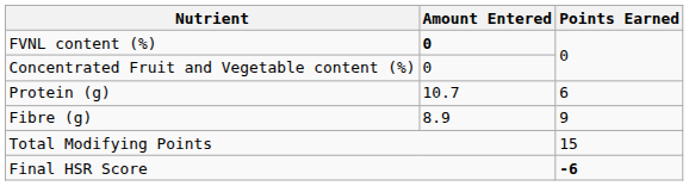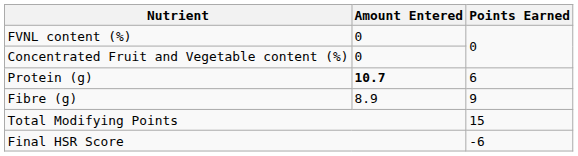 <table class="wikitable">
 <tr>
 <th>Nutrient</th>
 <th>Amount Entered</th>
 <th>Points Earned</th>
 </tr>
 <tr>
 <td>FVNL content (%)</td>
-<td><strong>0</strong></td>
+<td>0</td>
 <td rowspan="2">0</td>
 </tr>
 <tr>
 <td>Concentrated Fruit and Vegetable content (%)</td>
 <td>0</td>
 </tr>
 <tr>
 <td>Protein (g)</td>
-<td>10.7</td>
+<td><strong>10.7</strong></td>
 <td>6</td>
 </tr>
 <tr>
 <td>Fibre (g)</td>
 <td>8.9</td>
 <td>9</td>
 </tr>
 <tr>
 <td colspan="2">Total Modifying Points</td>
 <td>15</td>
 </tr>
 <tr>
 <td colspan="2">Final HSR Score</td>
-<td><strong>-6</strong></td>
+<td>-6</td>
 </tr>
 </table>
